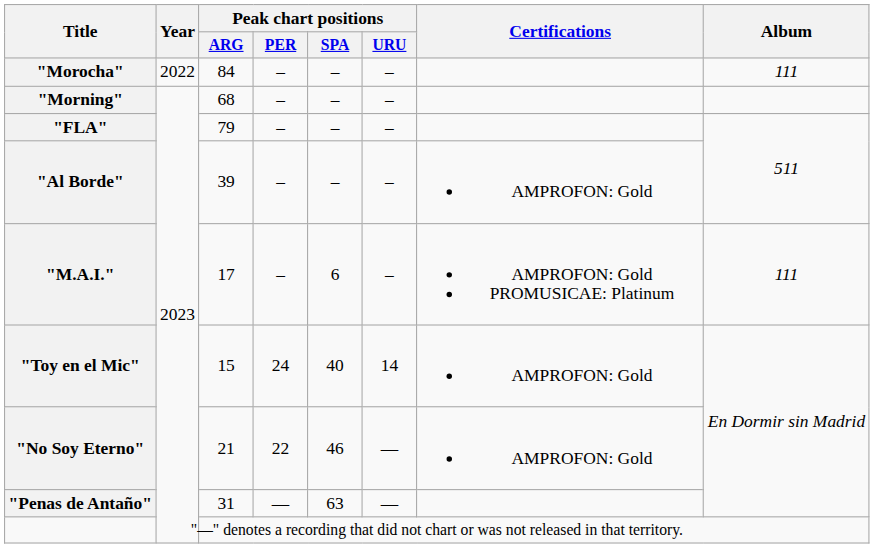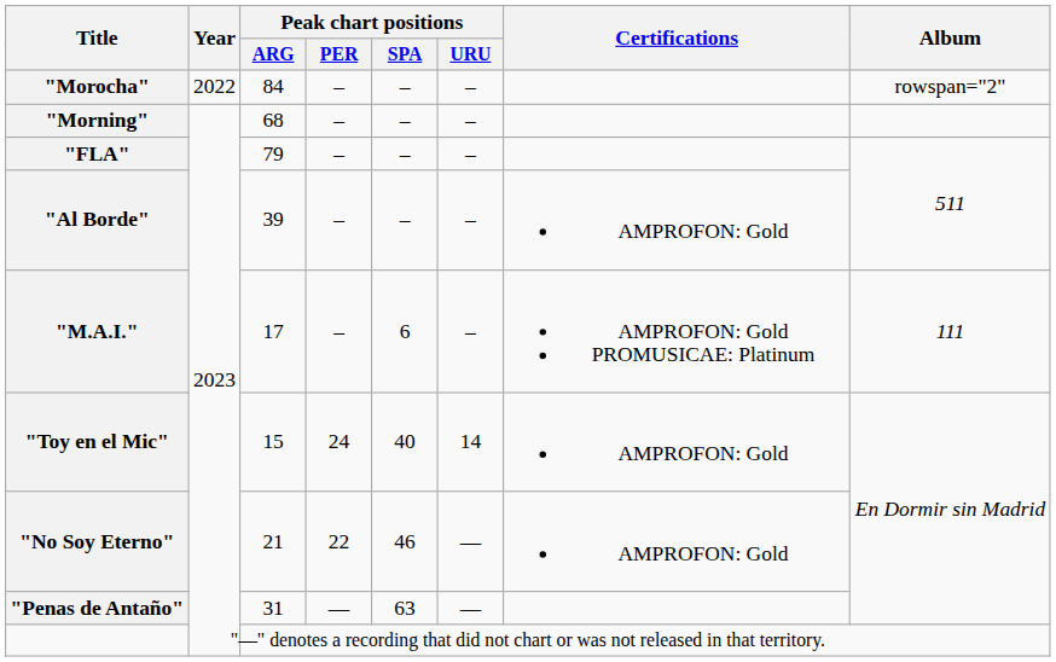 <table class="wikitable plainrowheaders" style="text-align:center;">
 <tr>
 <th scope="col" rowspan="2">Title</th>
 <th scope="col" rowspan="2">Year</th>
 <th scope="col" colspan="4">Peak chart positions</th>
 <th scope="col" rowspan="2" style="width:16em;"><a href='#'>Certifications</a></th>
 <th scope="col" rowspan="2">Album</th>
 </tr>
 <tr>
 <th scope="col" style="width:3em;font-size:90%;"><a href='#'>ARG</a><br></th>
 <th scope="col" style="width:3em;font-size:90%;"><a href='#'>PER</a><br></th>
 <th scope="col" style="width:3em;font-size:90%;"><a href='#'>SPA</a><br></th>
 <th scope="col" style="width:3em;font-size:90%;"><a href='#'>URU</a><br></th>
 </tr>
 <tr>
 <th scope="row">"Morocha"</th>
 <td>2022</td>
 <td>84</td>
 <td>–</td>
 <td>–</td>
 <td>–</td>
 <td></td>
-<td><em>111</em></td>
+<td>rowspan="2" </td>
 </tr>
 <tr>
 <th scope="row">"Morning"</th>
 <td rowspan="8">2023</td>
 <td>68</td>
 <td>–</td>
 <td>–</td>
 <td>–</td>
 <td></td>
 </tr>
 <tr>
 <th scope="row">"FLA"</th>
 <td>79</td>
 <td>–</td>
 <td>–</td>
 <td>–</td>
 <td></td>
 <td rowspan="2"><em>511</em></td>
 </tr>
 <tr>
 <th scope="row">"Al Borde"</th>
 <td>39</td>
 <td>–</td>
 <td>–</td>
 <td>–</td>
 <td><br><ul><li>AMPROFON: Gold</li></ul></td>
 </tr>
 <tr>
 <th scope="row">"M.A.I."</th>
 <td>17</td>
 <td>–</td>
 <td>6</td>
 <td>–</td>
 <td><br><ul><li>AMPROFON: Gold</li><li>PROMUSICAE: Platinum</li></ul></td>
 <td><em>111</em></td>
 </tr>
 <tr>
 <th scope="row">"Toy en el Mic"<br></th>
 <td>15</td>
 <td>24</td>
 <td>40</td>
 <td>14</td>
 <td><br><ul><li>AMPROFON: Gold</li></ul></td>
 <td rowspan="3"><em>En Dormir sin Madrid</em></td>
 </tr>
 <tr>
 <th scope="row">"No Soy Eterno"<br></th>
 <td>21</td>
 <td>22</td>
 <td>46</td>
 <td>—</td>
 <td><br><ul><li>AMPROFON: Gold</li></ul></td>
 </tr>
 <tr>
 <th scope="row">"Penas de Antaño"<br></th>
 <td>31</td>
 <td>—</td>
 <td>63</td>
 <td>—</td>
 <td></td>
 </tr>
 <tr>
 <td colspan="10" style="font-size:90%">"—" denotes a recording that did not chart or was not released in that territory.</td>
 </tr>
 </table>
